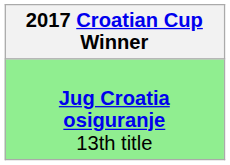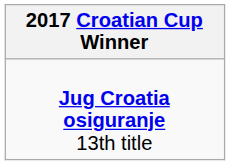 <table class=wikitable style="text-align:center; width:175px; margin:auto">
 <tr>
 <th>2017 <a href='#'>Croatian Cup</a><br>Winner</th>
 </tr>
 <tr>
-<td align=center style="background: lightgreen;"><br><strong><a href='#'>Jug Croatia osiguranje</a></strong><br>13th title</td>
+<td align=center><br><strong><a href='#'>Jug Croatia osiguranje</a></strong><br>13th title</td>
 </tr>
 </table>
